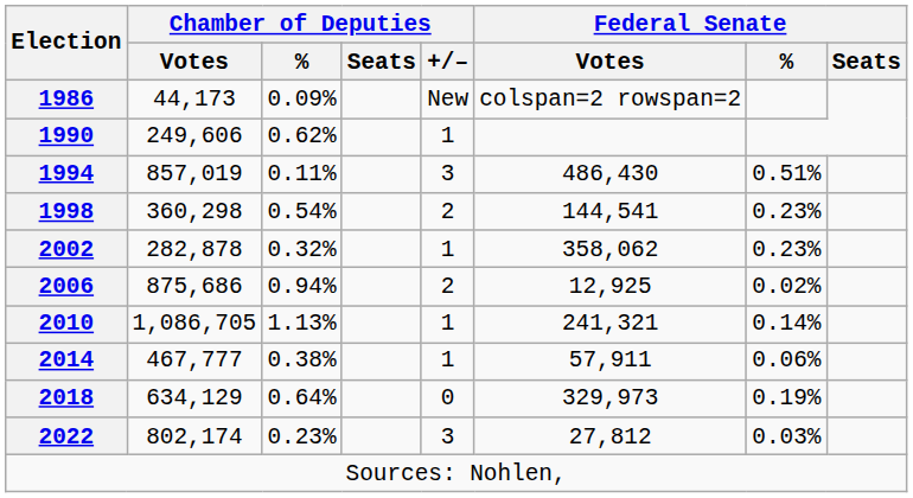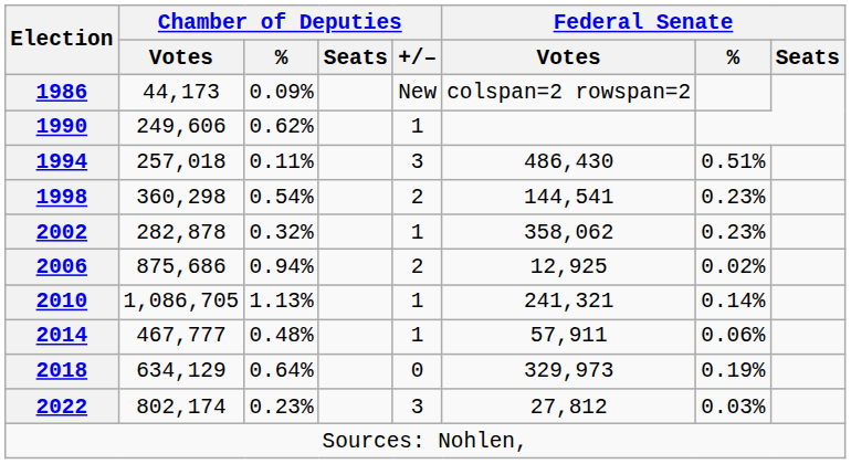 <table class="wikitable" style="text-align:center">
 <tr>
 <th rowspan=2>Election</th>
 <th scope="col" colspan=4><a href='#'>Chamber of Deputies</a></th>
 <th scope="col" colspan=3><a href='#'>Federal Senate</a></th>
 </tr>
 <tr>
 <th>Votes</th>
 <th>%</th>
 <th>Seats</th>
 <th>+/–</th>
 <th>Votes</th>
 <th>%</th>
 <th>Seats</th>
 </tr>
 <tr>
 <th><a href='#'>1986</a></th>
 <td>44,173</td>
 <td>0.09%</td>
 <td></td>
 <td>New</td>
 <td>colspan=2 rowspan=2  </td>
 <td></td>
 </tr>
 <tr>
 <th><a href='#'>1990</a></th>
 <td>249,606</td>
 <td>0.62%</td>
 <td></td>
 <td> 1</td>
 <td></td>
 </tr>
 <tr>
 <th><a href='#'>1994</a></th>
-<td>857,019</td>
+<td>257,018</td>
 <td>0.11%</td>
 <td></td>
 <td> 3</td>
 <td>486,430</td>
 <td>0.51%</td>
 <td></td>
 </tr>
 <tr>
 <th><a href='#'>1998</a></th>
 <td>360,298</td>
 <td>0.54%</td>
 <td></td>
 <td> 2</td>
 <td>144,541</td>
 <td>0.23%</td>
 <td></td>
 </tr>
 <tr>
 <th><a href='#'>2002</a></th>
 <td>282,878</td>
 <td>0.32%</td>
 <td></td>
 <td> 1</td>
 <td>358,062</td>
 <td>0.23%</td>
 <td></td>
 </tr>
 <tr>
 <th><a href='#'>2006</a></th>
 <td>875,686</td>
 <td>0.94%</td>
 <td></td>
 <td> 2</td>
 <td>12,925</td>
 <td>0.02%</td>
 <td></td>
 </tr>
 <tr>
 <th><a href='#'>2010</a></th>
 <td>1,086,705</td>
 <td>1.13%</td>
 <td></td>
 <td> 1</td>
 <td>241,321</td>
 <td>0.14%</td>
 <td></td>
 </tr>
 <tr>
 <th><a href='#'>2014</a></th>
 <td>467,777</td>
-<td>0.38%</td>
+<td>0.48%</td>
 <td></td>
 <td> 1</td>
 <td>57,911</td>
 <td>0.06%</td>
 <td></td>
 </tr>
 <tr>
 <th><a href='#'>2018</a></th>
 <td>634,129</td>
 <td>0.64%</td>
 <td></td>
 <td> 0</td>
 <td>329,973</td>
 <td>0.19%</td>
 <td></td>
 </tr>
 <tr>
 <th><a href='#'>2022</a></th>
 <td>802,174</td>
 <td>0.23%</td>
 <td></td>
 <td> 3</td>
 <td>27,812</td>
 <td>0.03%</td>
 <td></td>
 </tr>
 <tr>
 <td colspan=9>Sources: Nohlen, </td>
 </tr>
 </table>
